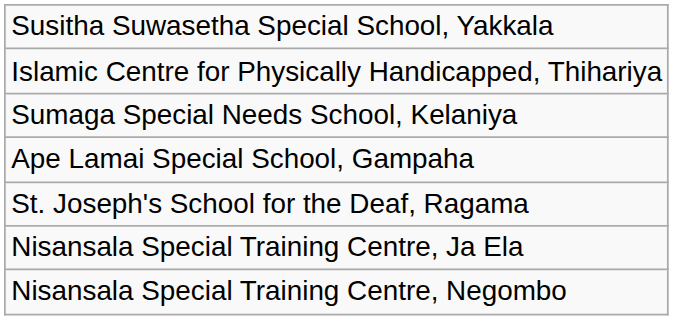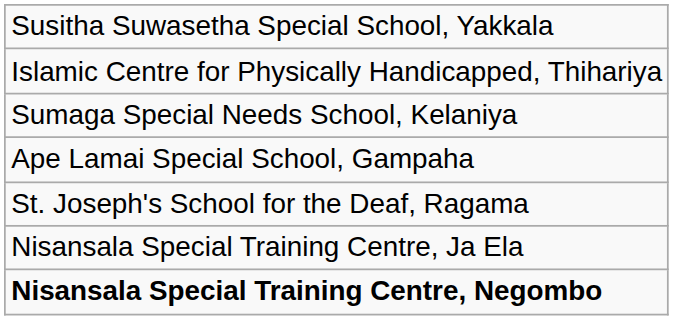 <table class="wikitable">
 <tr>
 <td>Susitha Suwasetha Special School, Yakkala</td>
 </tr>
 <tr>
 <td>Islamic Centre for Physically Handicapped, Thihariya</td>
 </tr>
 <tr>
 <td>Sumaga Special Needs School, Kelaniya</td>
 </tr>
 <tr>
 <td>Ape Lamai Special School, Gampaha</td>
 </tr>
 <tr>
 <td>St. Joseph's School for the Deaf, Ragama</td>
 </tr>
 <tr>
 <td>Nisansala Special Training Centre, Ja Ela</td>
 </tr>
 <tr>
-<td>Nisansala Special Training Centre, Negombo</td>
+<td><strong>Nisansala Special Training Centre, Negombo</strong></td>
 </tr>
 </table>
